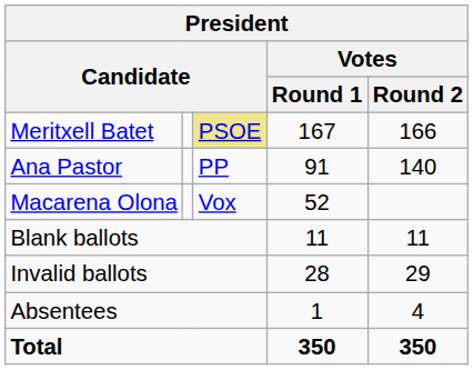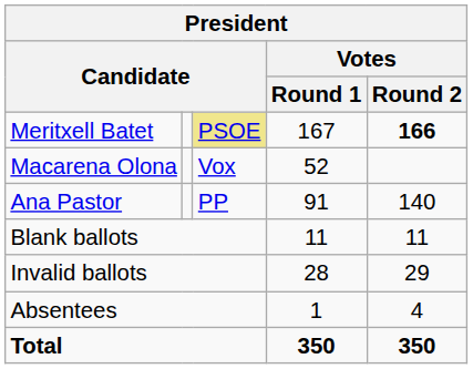 <table class="wikitable" style="font-size:95%; text-align:center;">
 <tr>
 <th colspan="5">President</th>
 </tr>
 <tr>
 <th colspan="3" rowspan="2">Candidate</th>
 <th colspan="2">Votes</th>
 </tr>
 <tr>
 <th>Round 1</th>
 <th>Round 2</th>
 </tr>
 <tr>
 <td align="left"> <a href='#'>Meritxell Batet</a></td>
 <td style="background:"></td>
 <td align="left" style="background: khaki;"><a href='#'>PSOE</a></td>
 <td>167</td>
-<td>166</td>
+<td><strong>166</strong></td>
+</tr>
+<tr>
+<td align="left"> <a href='#'>Macarena Olona</a></td>
+<td style="background:"></td>
+<td align="left"><a href='#'>Vox</a></td>
+<td>52</td>
+<td></td>
 </tr>
 <tr>
 <td align="left"> <a href='#'>Ana Pastor</a></td>
 <td style="background:"></td>
 <td align="left"><a href='#'>PP</a></td>
 <td>91</td>
 <td>140</td>
-</tr>
-<tr>
-<td align="left"> <a href='#'>Macarena Olona</a></td>
-<td style="background:"></td>
-<td align="left"><a href='#'>Vox</a></td>
-<td>52</td>
-<td></td>
 </tr>
 <tr>
 <td align=left colspan="3">Blank ballots</td>
 <td>11</td>
 <td>11</td>
 </tr>
 <tr>
 <td align=left colspan="3">Invalid ballots</td>
 <td>28</td>
 <td>29</td>
 </tr>
 <tr>
 <td align=left colspan="3">Absentees</td>
 <td>1</td>
 <td>4</td>
 </tr>
 <tr style="font-weight:bold">
 <td align=left colspan="3">Total</td>
 <td>350</td>
 <td>350</td>
 </tr>
 </table>
